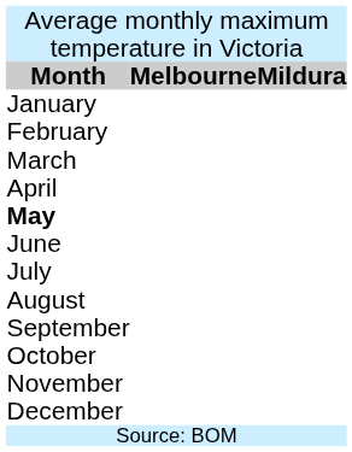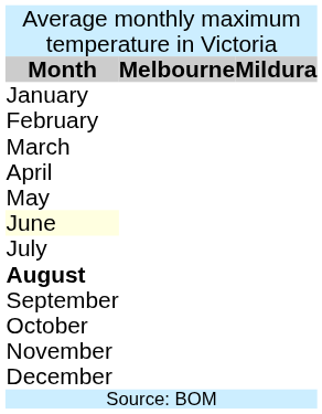 <table class="toccolours" cellpadding="0" cellspacing="0" style="float:right; margin-right:.5em; margin-left:.50em; margin-top:.4em; font-size:90%;">
 <tr>
 <td colspan="5" style="background:#cef; text-align:center;">Average monthly maximum<br>temperature in Victoria</td>
 </tr>
 <tr style="background:#ccc; vertical-align:top;">
 <th>Month</th>
 <th>Melbourne</th>
 <th>Mildura</th>
 </tr>
 <tr>
 <td style="text-align:left;">January</td>
 <td style="text-align:center;"></td>
 <td style="text-align:center;"></td>
 </tr>
 <tr>
 <td style="text-align:left;">February</td>
 <td style="text-align:center;"></td>
 <td style="text-align:center;"></td>
 </tr>
 <tr>
 <td style="text-align:left;">March</td>
 <td style="text-align:center;"></td>
 <td style="text-align:center;"></td>
 </tr>
 <tr>
 <td style="text-align:left;">April</td>
 <td style="text-align:center;"></td>
 <td style="text-align:center;"></td>
 </tr>
 <tr>
-<td style="text-align:left;"><strong>May</strong></td>
+<td style="text-align:left;">May</td>
 <td style="text-align:center;"></td>
 <td style="text-align:center;"></td>
 </tr>
 <tr>
-<td style="text-align:left;">June</td>
+<td style="background: lightyellow; text-align:left;">June</td>
 <td style="text-align:center;"></td>
 <td style="text-align:center;"></td>
 </tr>
 <tr>
 <td style="text-align:left;">July</td>
 <td style="text-align:center;"></td>
 <td style="text-align:center;"></td>
 </tr>
 <tr>
-<td style="text-align:left;">August</td>
+<td style="text-align:left;"><strong>August</strong></td>
 <td style="text-align:center;"></td>
 <td style="text-align:center;"></td>
 </tr>
 <tr>
 <td style="text-align:left;">September</td>
 <td style="text-align:center;"></td>
 <td style="text-align:center;"></td>
 </tr>
 <tr>
 <td style="text-align:left;">October</td>
 <td style="text-align:center;"></td>
 <td style="text-align:center;"></td>
 </tr>
 <tr>
 <td style="text-align:left;">November</td>
 <td style="text-align:center;"></td>
 <td style="text-align:center;"></td>
 </tr>
 <tr>
 <td style="text-align:left;">December</td>
 <td style="text-align:center;"></td>
 <td style="text-align:center;"></td>
 </tr>
 <tr>
 <td colspan="5" style="font-size:80%; background:#cef; text-align:center;">Source: BOM</td>
 </tr>
 </table>
